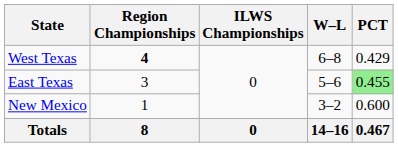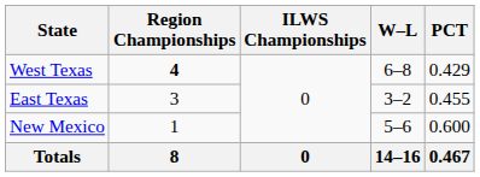 <table class="wikitable">
 <tr>
 <th>State</th>
 <th>Region<br>Championships</th>
 <th>ILWS<br>Championships</th>
 <th>W–L</th>
 <th>PCT</th>
 </tr>
 <tr>
 <td> <a href='#'>West Texas</a></td>
 <td align=center><strong>4</strong></td>
 <td align=center rowspan=3>0</td>
 <td align=center>6–8</td>
 <td align=center>0.429</td>
 </tr>
 <tr>
 <td> <a href='#'>East Texas</a></td>
 <td align=center>3</td>
-<td align=center>5–6</td>
-<td align=center style="background: lightgreen;">0.455</td>
+<td align=center>3–2</td>
+<td align=center>0.455</td>
 </tr>
 <tr>
 <td> <a href='#'>New Mexico</a></td>
 <td align=center>1</td>
-<td align=center>3–2</td>
+<td align=center>5–6</td>
 <td align=center>0.600</td>
 </tr>
 <tr>
 <th>Totals</th>
 <th>8</th>
 <th>0</th>
 <th>14–16</th>
 <th>0.467</th>
 </tr>
 </table>
